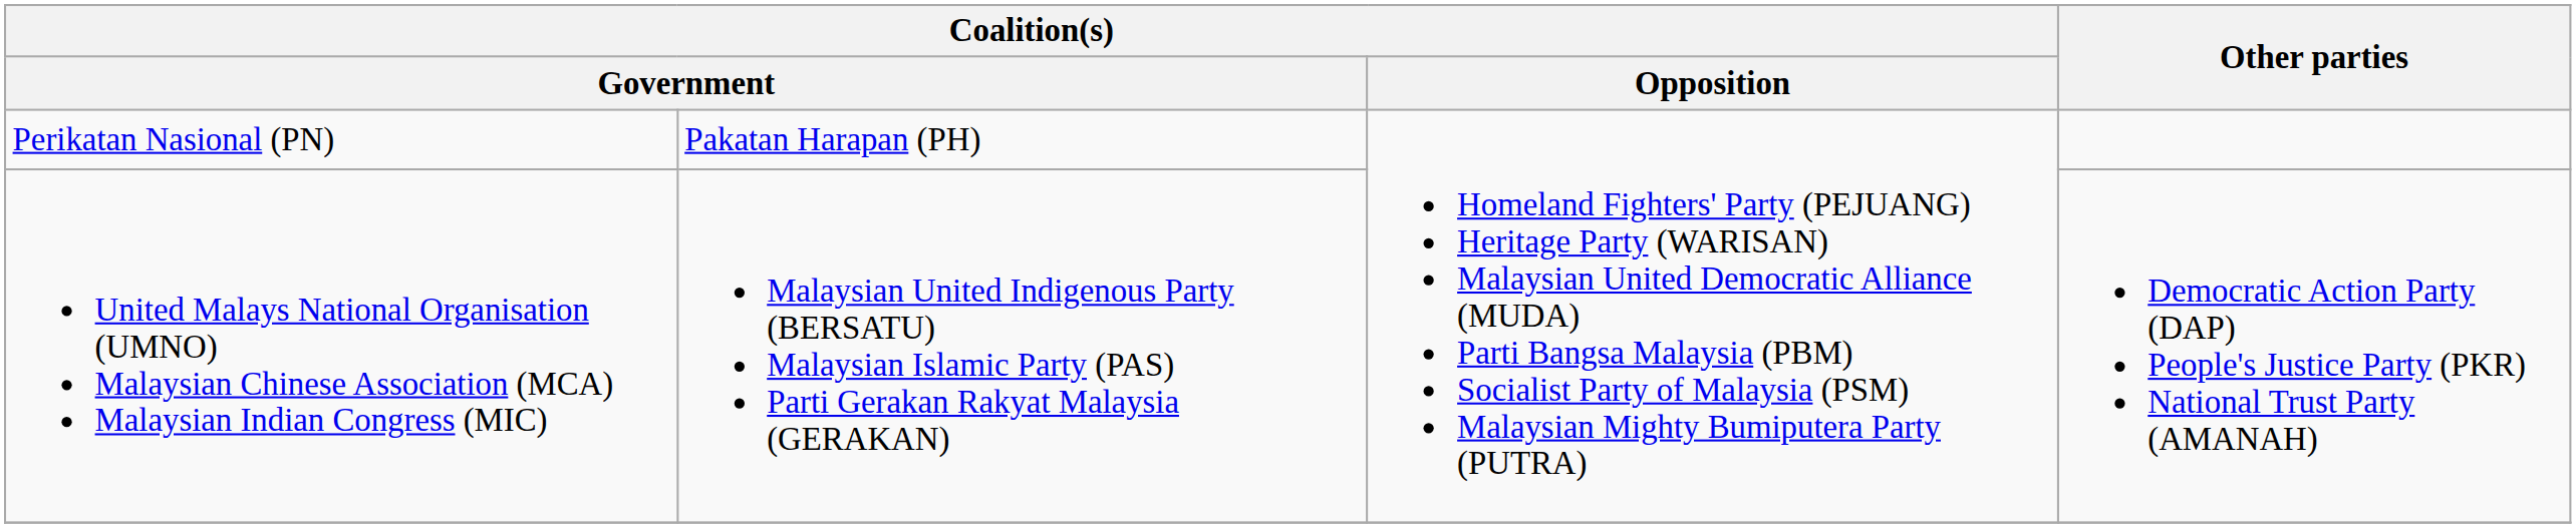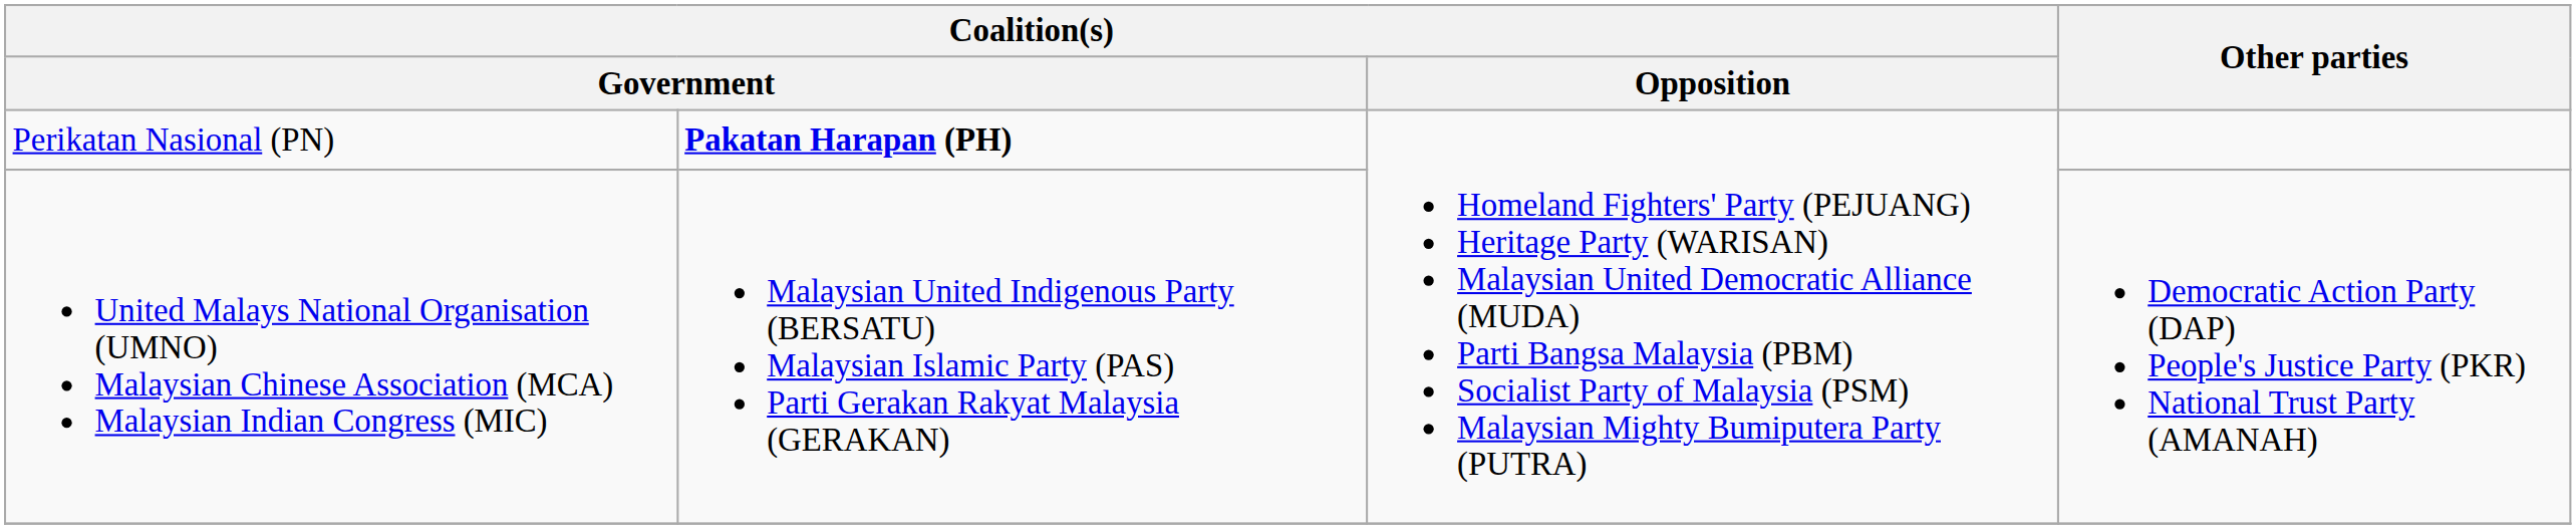 <table class="wikitable">
 <tr>
 <th colspan="3">Coalition(s)</th>
 <th rowspan="2">Other parties</th>
 </tr>
 <tr>
 <th colspan="2">Government</th>
 <th colspan="1">Opposition</th>
 </tr>
 <tr>
 <td> <a href='#'>Perikatan Nasional</a> (PN)</td>
-<td> <a href='#'>Pakatan Harapan</a> (PH)</td>
+<td><strong> <a href='#'>Pakatan Harapan</a> (PH)</strong></td>
 <td rowspan="2"><br><ul><li> <a href='#'>Homeland Fighters' Party</a> (PEJUANG)</li><li><a href='#'>Heritage Party</a> (WARISAN)</li><li> <a href='#'>Malaysian United Democratic Alliance</a> (MUDA)</li><li><a href='#'>Parti Bangsa Malaysia</a> (PBM)</li><li> <a href='#'>Socialist Party of Malaysia</a> (PSM)</li><li> <a href='#'>Malaysian Mighty Bumiputera Party</a> (PUTRA)</li></ul></td>
 </tr>
 <tr>
 <td><br><ul><li> <a href='#'>United Malays National Organisation</a> (UMNO)</li><li> <a href='#'>Malaysian Chinese Association</a> (MCA)</li><li> <a href='#'>Malaysian Indian Congress</a> (MIC)</li></ul></td>
 <td><br><ul><li> <a href='#'>Malaysian United Indigenous Party</a> (BERSATU)</li><li> <a href='#'>Malaysian Islamic Party</a> (PAS)</li><li> <a href='#'>Parti Gerakan Rakyat Malaysia</a> (GERAKAN)</li></ul></td>
 <td><br><ul><li> <a href='#'>Democratic Action Party</a> (DAP)</li><li> <a href='#'>People's Justice Party</a> (PKR)</li><li> <a href='#'>National Trust Party</a> (AMANAH)</li></ul></td>
 </tr>
 <tr>
 </tr>
 </table>
